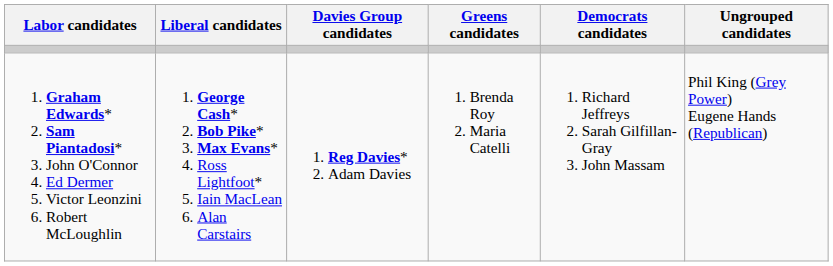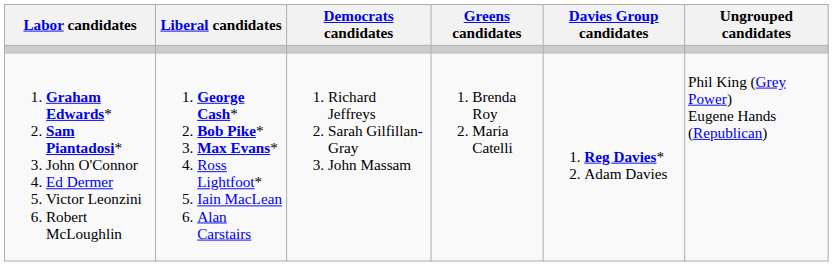 <table class="wikitable">
 <tr>
 <th><a href='#'>Labor</a> candidates</th>
 <th><a href='#'>Liberal</a> candidates</th>
+<th><a href='#'>Democrats</a> candidates</th>
+<th><a href='#'>Greens</a> candidates</th>
 <th><a href='#'>Davies Group</a> candidates</th>
-<th><a href='#'>Greens</a> candidates</th>
-<th><a href='#'>Democrats</a> candidates</th>
 <th>Ungrouped candidates</th>
 </tr>
 <tr bgcolor="#cccccc">
 <td></td>
 <td></td>
 <td></td>
 <td></td>
 <td></td>
 <td></td>
 </tr>
 <tr>
 <td><br><ol><li><strong><a href='#'>Graham Edwards</a></strong>*</li><li><strong><a href='#'>Sam Piantadosi</a></strong>*</li><li>John O'Connor</li><li><a href='#'>Ed Dermer</a></li><li>Victor Leonzini</li><li>Robert McLoughlin</li></ol></td>
 <td><br><ol><li><strong><a href='#'>George Cash</a></strong>*</li><li><strong><a href='#'>Bob Pike</a></strong>*</li><li><strong><a href='#'>Max Evans</a></strong>*</li><li><a href='#'>Ross Lightfoot</a>*</li><li><a href='#'>Iain MacLean</a></li><li><a href='#'>Alan Carstairs</a></li></ol></td>
+<td valign=top><br><ol><li>Richard Jeffreys</li><li>Sarah Gilfillan-Gray</li><li>John Massam</li></ol></td>
+<td valign=top><br><ol><li>Brenda Roy</li><li>Maria Catelli</li></ol></td>
 <td><br><ol><li><strong><a href='#'>Reg Davies</a></strong>*</li><li>Adam Davies</li></ol></td>
-<td valign=top><br><ol><li>Brenda Roy</li><li>Maria Catelli</li></ol></td>
-<td valign=top><br><ol><li>Richard Jeffreys</li><li>Sarah Gilfillan-Gray</li><li>John Massam</li></ol></td>
 <td valign=top><br>Phil King (<a href='#'>Grey Power</a>) <br> Eugene Hands (<a href='#'>Republican</a>)</td>
 </tr>
 </table>
